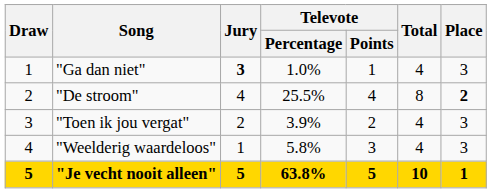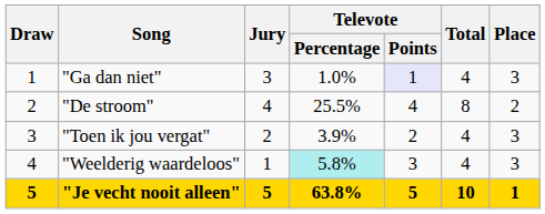 <table class="sortable wikitable" style="margin: 1em auto 1em auto; text-align:center;">
 <tr>
 <th rowspan="2">Draw</th>
 <th rowspan="2">Song</th>
 <th rowspan="2">Jury</th>
 <th colspan="2">Televote</th>
 <th rowspan="2">Total</th>
 <th rowspan="2">Place</th>
 </tr>
 <tr>
 <th>Percentage</th>
 <th>Points</th>
 </tr>
 <tr>
 <td>1</td>
 <td align="left">"Ga dan niet"</td>
-<td><strong>3</strong></td>
+<td>3</td>
 <td>1.0%</td>
-<td>1</td>
+<td style="background: lavender;">1</td>
 <td>4</td>
 <td>3</td>
 </tr>
 <tr>
 <td>2</td>
 <td align="left">"De stroom"</td>
 <td>4</td>
 <td>25.5%</td>
 <td>4</td>
 <td>8</td>
-<td><strong>2</strong></td>
+<td>2</td>
 </tr>
 <tr>
 <td>3</td>
 <td align="left">"Toen ik jou vergat"</td>
 <td>2</td>
 <td>3.9%</td>
 <td>2</td>
 <td>4</td>
 <td>3</td>
 </tr>
 <tr>
 <td>4</td>
 <td align="left">"Weelderig waardeloos"</td>
 <td>1</td>
-<td>5.8%</td>
+<td style="background: paleturquoise;">5.8%</td>
 <td>3</td>
 <td>4</td>
 <td>3</td>
 </tr>
 <tr style="font-weight:bold; background:gold;">
 <td>5</td>
 <td align="left">"Je vecht nooit alleen"</td>
 <td>5</td>
 <td>63.8%</td>
 <td>5</td>
 <td>10</td>
 <td>1</td>
 </tr>
 </table>
